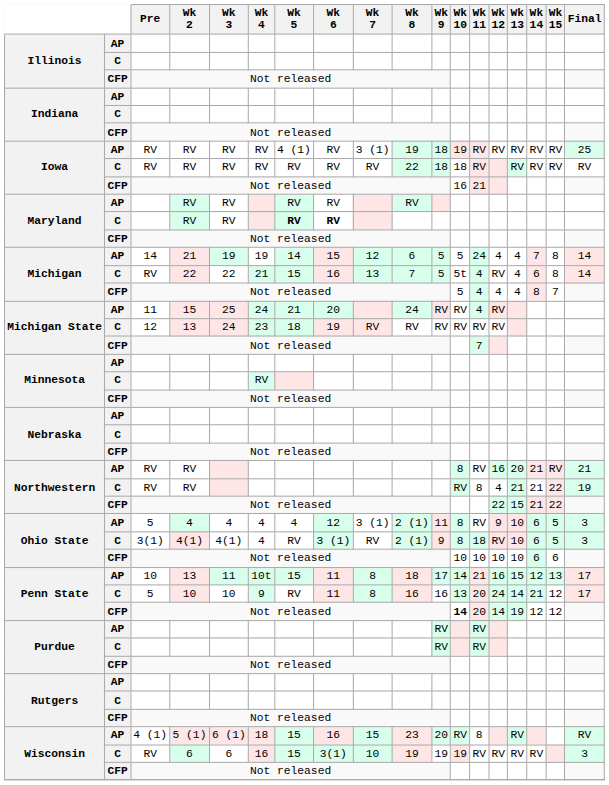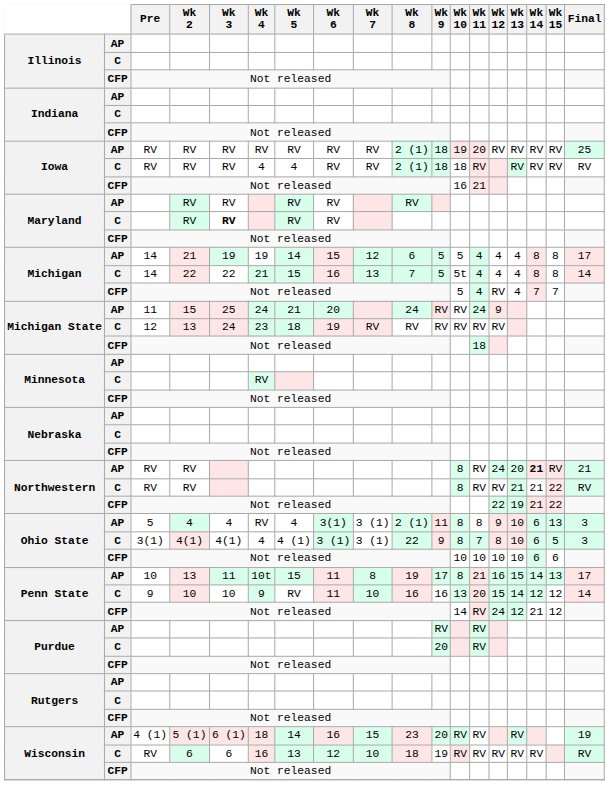 <table class="wikitable" style="white-space:nowrap;font-size:85%;">
 <tr>
 <th colspan=2 style="background:white; border-top-style:hidden; border-left-style:hidden;"> </th>
 <th>Pre</th>
 <th>Wk<br>2</th>
 <th>Wk<br>3</th>
 <th>Wk<br>4</th>
 <th>Wk<br>5</th>
 <th>Wk<br>6</th>
 <th>Wk<br>7</th>
 <th>Wk<br>8</th>
 <th>Wk<br>9</th>
 <th>Wk<br>10</th>
 <th>Wk<br>11</th>
 <th>Wk<br>12</th>
 <th>Wk<br>13</th>
 <th>Wk<br>14</th>
 <th>Wk<br>15</th>
 <th>Final</th>
 </tr>
 <tr style="text-align:center;">
 <th rowspan="3">Illinois</th>
 <th>AP</th>
 <td style="background:#FFF;"></td>
 <td style="background:#FFF;"></td>
 <td style="background:#FFF;"></td>
 <td style="background:#FFF;"></td>
 <td style="background:#FFF;"></td>
 <td style="background:#FFF;"></td>
 <td style="background:#FFF;"></td>
 <td style="background:#FFF;"></td>
 <td style="background:#FFF;"></td>
 <td style="background:#FFF;"></td>
 <td style="background:#FFF;"></td>
 <td style="background:#FFF;"></td>
 <td style="background:#FFF;"></td>
 <td style="background:#FFF;"></td>
 <td style="background:#FFF;"></td>
 <td style="background:#FFF;"></td>
 </tr>
 <tr style="text-align:center;">
 <th>C</th>
 <td style="background:#FFF;"></td>
 <td style="background:#FFF;"></td>
 <td style="background:#FFF;"></td>
 <td style="background:#FFF;"></td>
 <td style="background:#FFF;"></td>
 <td style="background:#FFF;"></td>
 <td style="background:#FFF;"></td>
 <td style="background:#FFF;"></td>
 <td style="background:#FFF;"></td>
 <td style="background:#FFF;"></td>
 <td style="background:#FFF;"></td>
 <td style="background:#FFF;"></td>
 <td style="background:#FFF;"></td>
 <td style="background:#FFF;"></td>
 <td style="background:#FFF;"></td>
 <td style="background:#FFF;"></td>
 </tr>
 <tr style="text-align:center;">
 <th>CFP</th>
 <td colspan="9" style="text-align:center;">Not released</td>
 <td style="background:#FFF;"></td>
 <td style="background:#FFF;"></td>
 <td style="background:#FFF;"></td>
 <td style="background:#FFF;"></td>
 <td style="background:#FFF;"></td>
 <td style="background:#FFF;"></td>
 <td style="text-align:center;"></td>
 </tr>
 <tr style="text-align:center;">
 <th rowspan="3">Indiana</th>
 <th>AP</th>
 <td style="background:#FFF;"></td>
 <td style="background:#FFF;"></td>
 <td style="background:#FFF;"></td>
 <td style="background:#FFF;"></td>
 <td style="background:#FFF;"></td>
 <td style="background:#FFF;"></td>
 <td style="background:#FFF;"></td>
 <td style="background:#FFF;"></td>
 <td style="background:#FFF;"></td>
 <td style="background:#FFF;"></td>
 <td style="background:#FFF;"></td>
 <td style="background:#FFF;"></td>
 <td style="background:#FFF;"></td>
 <td style="background:#FFF;"></td>
 <td style="background:#FFF;"></td>
 <td style="background:#FFF;"></td>
 </tr>
 <tr style="text-align:center;">
 <th>C</th>
 <td style="background:#FFF;"></td>
 <td style="background:#FFF;"></td>
 <td style="background:#FFF;"></td>
 <td style="background:#FFF;"></td>
 <td style="background:#FFF;"></td>
 <td style="background:#FFF;"></td>
 <td style="background:#FFF;"></td>
 <td style="background:#FFF;"></td>
 <td style="background:#FFF;"></td>
 <td style="background:#FFF;"></td>
 <td style="background:#FFF;"></td>
 <td style="background:#FFF;"></td>
 <td style="background:#FFF;"></td>
 <td style="background:#FFF;"></td>
 <td style="background:#FFF;"></td>
 <td style="background:#FFF;"></td>
 </tr>
 <tr style="text-align:center;">
 <th>CFP</th>
 <td colspan="9" style="text-align:center;">Not released</td>
 <td style="background:#FFF;"></td>
 <td style="background:#FFF;"></td>
 <td style="background:#FFF;"></td>
 <td style="background:#FFF;"></td>
 <td style="background:#FFF;"></td>
 <td style="background:#FFF;"></td>
 <td style="text-align:center;"></td>
 </tr>
 <tr style="text-align:center;">
 <th rowspan="3">Iowa</th>
 <th>AP</th>
 <td style="background:#FFF;">RV</td>
 <td style="background:#FFF;">RV</td>
 <td style="background:#FFF;">RV</td>
 <td style="background:#FFF;">RV</td>
-<td style="background:#FFF;">4 (1)</td>
 <td style="background:#FFF;">RV</td>
-<td style="background:#FFF;">3 (1)</td>
-<td style="background:#d8ffeb;">19</td>
+<td style="background:#FFF;">RV</td>
+<td style="background:#FFF;">RV</td>
+<td style="background:#d8ffeb;">2 (1)</td>
 <td style="background:#d8ffeb;">18</td>
 <td style="background:#ffe6e6;">19</td>
-<td style="background:#ffe6e6;">RV</td>
+<td style="background:#ffe6e6;">20</td>
 <td style="background:#FFF;">RV</td>
 <td style="background:#FFF;">RV</td>
 <td style="background:#FFF;">RV</td>
 <td style="background:#FFF;">RV</td>
 <td style="background:#d8ffeb;">25</td>
 </tr>
 <tr style="text-align:center;">
 <th>C</th>
 <td style="background:#FFF;">RV</td>
 <td style="background:#FFF;">RV</td>
 <td style="background:#FFF;">RV</td>
+<td style="background:#FFF;">4</td>
+<td style="background:#FFF;">4</td>
 <td style="background:#FFF;">RV</td>
 <td style="background:#FFF;">RV</td>
-<td style="background:#FFF;">RV</td>
-<td style="background:#FFF;">RV</td>
-<td style="background:#d8ffeb;">22</td>
+<td style="background:#d8ffeb;">2 (1)</td>
 <td style="background:#d8ffeb;">18</td>
 <td style="background:#FFF;">18</td>
 <td style="background:#ffe6e6;">RV</td>
 <td style="background:#ffe6e6;"></td>
 <td style="background:#d8ffeb;">RV</td>
 <td style="background:#FFF;">RV</td>
 <td style="background:#FFF;">RV</td>
 <td style="background:#FFF;">RV</td>
 </tr>
 <tr style="text-align:center;">
 <th>CFP</th>
 <td colspan="9" style="text-align:center;">Not released</td>
 <td style="background:#FFF;">16</td>
 <td style="background:#ffe6e6;">21</td>
 <td style="background:#ffe6e6;"></td>
 <td style="background:#FFF;"></td>
 <td style="background:#FFF;"></td>
 <td style="background:#FFF;"></td>
 <td style="text-align:center;"></td>
 </tr>
 <tr style="text-align:center;">
 <th rowspan="3">Maryland</th>
 <th>AP</th>
 <td style="background:#FFF;"></td>
 <td style="background:#d8ffeb;">RV</td>
 <td style="background:#FFF;">RV</td>
 <td style="background:#ffe6e6;"></td>
 <td style="background:#d8ffeb;">RV</td>
 <td style="background:#FFF;">RV</td>
 <td style="background:#ffe6e6;"></td>
 <td style="background:#d8ffeb;">RV</td>
 <td style="background:#ffe6e6;"></td>
 <td style="background:#FFF;"></td>
 <td style="background:#FFF;"></td>
 <td style="background:#FFF;"></td>
 <td style="background:#FFF;"></td>
 <td style="background:#FFF;"></td>
 <td style="background:#FFF;"></td>
 <td style="background:#FFF;"></td>
 </tr>
 <tr style="text-align:center;">
 <th>C</th>
 <td style="background:#FFF;"></td>
 <td style="background:#d8ffeb;">RV</td>
+<td style="background:#FFF;"><strong>RV</strong></td>
+<td style="background:#ffe6e6;"></td>
+<td style="background:#d8ffeb;">RV</td>
 <td style="background:#FFF;">RV</td>
-<td style="background:#ffe6e6;"></td>
-<td style="background:#d8ffeb;"><strong>RV</strong></td>
-<td style="background:#FFF;"><strong>RV</strong></td>
 <td style="background:#ffe6e6;"></td>
 <td style="background:#FFF;"></td>
 <td style="background:#FFF;"></td>
 <td style="background:#FFF;"></td>
 <td style="background:#FFF;"></td>
 <td style="background:#FFF;"></td>
 <td style="background:#FFF;"></td>
 <td style="background:#FFF;"></td>
 <td style="background:#FFF;"></td>
 <td style="background:#FFF;"></td>
 </tr>
 <tr style="text-align:center;">
 <th>CFP</th>
 <td colspan="9" style="text-align:center;">Not released</td>
 <td style="background:#FFF;"></td>
 <td style="background:#FFF;"></td>
 <td style="background:#FFF;"></td>
 <td style="background:#FFF;"></td>
 <td style="background:#FFF;"></td>
 <td style="background:#FFF;"></td>
 <td style="text-align:center;"></td>
 </tr>
 <tr style="text-align:center;">
 <th rowspan="3">Michigan</th>
 <th>AP</th>
 <td style="background:#FFF;">14</td>
 <td style="background:#ffe6e6;">21</td>
 <td style="background:#d8ffeb;">19</td>
 <td style="background:#FFF;">19</td>
 <td style="background:#d8ffeb;">14</td>
 <td style="background:#ffe6e6;">15</td>
 <td style="background:#d8ffeb;">12</td>
 <td style="background:#d8ffeb;">6</td>
 <td style="background:#d8ffeb;">5</td>
 <td style="background:#FFF;">5</td>
-<td style="background:#d8ffeb;">24</td>
+<td style="background:#d8ffeb;">4</td>
 <td style="background:#FFF;">4</td>
 <td style="background:#FFF;">4</td>
-<td style="background:#ffe6e6;">7</td>
+<td style="background:#ffe6e6;">8</td>
 <td style="background:#FFF;">8</td>
-<td style="background:#ffe6e6;">14</td>
+<td style="background:#ffe6e6;">17</td>
 </tr>
 <tr style="text-align:center;">
 <th>C</th>
-<td style="background:#FFF;">RV</td>
+<td style="background:#FFF;">14</td>
 <td style="background:#ffe6e6;">22</td>
 <td style="background:#FFF;">22</td>
 <td style="background:#d8ffeb;">21</td>
 <td style="background:#d8ffeb;">15</td>
 <td style="background:#ffe6e6;">16</td>
 <td style="background:#d8ffeb;">13</td>
 <td style="background:#d8ffeb;">7</td>
 <td style="background:#d8ffeb;">5</td>
 <td style="background:#FFF;">5t</td>
 <td style="background:#d8ffeb;">4</td>
-<td style="background:#FFF;">RV</td>
 <td style="background:#FFF;">4</td>
-<td style="background:#ffe6e6;">6</td>
+<td style="background:#FFF;">4</td>
+<td style="background:#ffe6e6;">8</td>
 <td style="background:#FFF;">8</td>
 <td style="background:#ffe6e6;">14</td>
 </tr>
 <tr style="text-align:center;">
 <th>CFP</th>
 <td colspan="9" style="text-align:center;">Not released</td>
 <td style="background:#FFF;">5</td>
 <td style="background:#d8ffeb;">4</td>
+<td style="background:#FFF;">RV</td>
 <td style="background:#FFF;">4</td>
-<td style="background:#FFF;">4</td>
-<td style="background:#ffe6e6;">8</td>
+<td style="background:#ffe6e6;">7</td>
 <td style="background:#FFF;">7</td>
 <td style="text-align:center;"></td>
 </tr>
 <tr style="text-align:center;">
 <th rowspan="3">Michigan State</th>
 <th>AP</th>
 <td style="background:#FFF;">11</td>
 <td style="background:#ffe6e6;">15</td>
 <td style="background:#ffe6e6;">25</td>
 <td style="background:#d8ffeb;">24</td>
 <td style="background:#d8ffeb;">21</td>
 <td style="background:#d8ffeb;">20</td>
 <td style="background:#ffe6e6;"></td>
 <td style="background:#d8ffeb;">24</td>
 <td style="background:#ffe6e6;">RV</td>
 <td style="background:#FFF;">RV</td>
-<td style="background:#d8ffeb;">4</td>
-<td style="background:#ffe6e6;">RV</td>
+<td style="background:#d8ffeb;">24</td>
+<td style="background:#ffe6e6;">9</td>
 <td style="background:#ffe6e6;"></td>
 <td style="background:#FFF;"></td>
 <td style="background:#FFF;"></td>
 <td style="background:#FFF;"></td>
 </tr>
 <tr style="text-align:center;">
 <th>C</th>
 <td style="background:#FFF;">12</td>
 <td style="background:#ffe6e6;">13</td>
 <td style="background:#ffe6e6;">24</td>
 <td style="background:#d8ffeb;">23</td>
 <td style="background:#d8ffeb;">18</td>
 <td style="background:#ffe6e6;">19</td>
 <td style="background:#ffe6e6;">RV</td>
 <td style="background:#FFF;">RV</td>
 <td style="background:#FFF;">RV</td>
 <td style="background:#FFF;">RV</td>
 <td style="background:#FFF;">RV</td>
 <td style="background:#FFF;">RV</td>
 <td style="background:#ffe6e6;"></td>
 <td style="background:#FFF;"></td>
 <td style="background:#FFF;"></td>
 <td style="background:#FFF;"></td>
 </tr>
 <tr style="text-align:center;">
 <th>CFP</th>
 <td colspan="9" style="text-align:center;">Not released</td>
 <td style="background:#FFF;"></td>
-<td style="background:#d8ffeb;">7</td>
+<td style="background:#d8ffeb;">18</td>
 <td style="background:#ffe6e6;"></td>
 <td style="background:#FFF;"></td>
 <td style="background:#FFF;"></td>
 <td style="background:#FFF;"></td>
 <td style="text-align:center;"></td>
 </tr>
 <tr style="text-align:center;">
 <th rowspan="3">Minnesota</th>
 <th>AP</th>
 <td style="background:#FFF;"></td>
 <td style="background:#FFF;"></td>
 <td style="background:#FFF;"></td>
 <td style="background:#FFF;"></td>
 <td style="background:#FFF;"></td>
 <td style="background:#FFF;"></td>
 <td style="background:#FFF;"></td>
 <td style="background:#FFF;"></td>
 <td style="background:#FFF;"></td>
 <td style="background:#FFF;"></td>
 <td style="background:#FFF;"></td>
 <td style="background:#FFF;"></td>
 <td style="background:#FFF;"></td>
 <td style="background:#FFF;"></td>
 <td style="background:#FFF;"></td>
 <td style="background:#FFF;"></td>
 </tr>
 <tr style="text-align:center;">
 <th>C</th>
 <td style="background:#FFF;"></td>
 <td style="background:#FFF;"></td>
 <td style="background:#FFF;"></td>
 <td style="background:#d8ffeb;">RV</td>
 <td style="background:#ffe6e6;"></td>
 <td style="background:#FFF;"></td>
 <td style="background:#FFF;"></td>
 <td style="background:#FFF;"></td>
 <td style="background:#FFF;"></td>
 <td style="background:#FFF;"></td>
 <td style="background:#FFF;"></td>
 <td style="background:#FFF;"></td>
 <td style="background:#FFF;"></td>
 <td style="background:#FFF;"></td>
 <td style="background:#FFF;"></td>
 <td style="background:#FFF;"></td>
 </tr>
 <tr style="text-align:center;">
 <th>CFP</th>
 <td colspan="9" style="text-align:center;">Not released</td>
 <td style="background:#FFF;"></td>
 <td style="background:#FFF;"></td>
 <td style="background:#FFF;"></td>
 <td style="background:#FFF;"></td>
 <td style="background:#FFF;"></td>
 <td style="background:#FFF;"></td>
 <td style="text-align:center;"></td>
 </tr>
 <tr style="text-align:center;">
 <th rowspan="3">Nebraska</th>
 <th>AP</th>
 <td style="background:#FFF;"></td>
 <td style="background:#FFF;"></td>
 <td style="background:#FFF;"></td>
 <td style="background:#FFF;"></td>
 <td style="background:#FFF;"></td>
 <td style="background:#FFF;"></td>
 <td style="background:#FFF;"></td>
 <td style="background:#FFF;"></td>
 <td style="background:#FFF;"></td>
 <td style="background:#FFF;"></td>
 <td style="background:#FFF;"></td>
 <td style="background:#FFF;"></td>
 <td style="background:#FFF;"></td>
 <td style="background:#FFF;"></td>
 <td style="background:#FFF;"></td>
 <td style="background:#FFF;"></td>
 </tr>
 <tr style="text-align:center;">
 <th>C</th>
 <td style="background:#FFF;"></td>
 <td style="background:#FFF;"></td>
 <td style="background:#FFF;"></td>
 <td style="background:#FFF;"></td>
 <td style="background:#FFF;"></td>
 <td style="background:#FFF;"></td>
 <td style="background:#FFF;"></td>
 <td style="background:#FFF;"></td>
 <td style="background:#FFF;"></td>
 <td style="background:#FFF;"></td>
 <td style="background:#FFF;"></td>
 <td style="background:#FFF;"></td>
 <td style="background:#FFF;"></td>
 <td style="background:#FFF;"></td>
 <td style="background:#FFF;"></td>
 <td style="background:#FFF;"></td>
 </tr>
 <tr style="text-align:center;">
 <th>CFP</th>
 <td colspan="9" style="text-align:center;">Not released</td>
 <td style="background:#FFF;"></td>
 <td style="background:#FFF;"></td>
 <td style="background:#FFF;"></td>
 <td style="background:#FFF;"></td>
 <td style="background:#FFF;"></td>
 <td style="background:#FFF;"></td>
 <td style="text-align:center;"></td>
 </tr>
 <tr style="text-align:center;">
 <th rowspan="3">Northwestern</th>
 <th>AP</th>
 <td style="background:#FFF;">RV</td>
 <td style="background:#FFF;">RV</td>
 <td style="background:#ffe6e6;"></td>
 <td style="background:#FFF;"></td>
 <td style="background:#FFF;"></td>
 <td style="background:#FFF;"></td>
 <td style="background:#FFF;"></td>
 <td style="background:#FFF;"></td>
 <td style="background:#FFF;"></td>
 <td style="background:#d8ffeb;">8</td>
 <td style="background:#FFF;">RV</td>
-<td style="background:#d8ffeb;">16</td>
+<td style="background:#d8ffeb;">24</td>
 <td style="background:#d8ffeb;">20</td>
-<td style="background:#ffe6e6;">21</td>
+<td style="background:#ffe6e6;"><strong>21</strong></td>
 <td style="background:#ffe6e6;">RV</td>
 <td style="background:#d8ffeb;">21</td>
 </tr>
 <tr style="text-align:center;">
 <th>C</th>
 <td style="background:#FFF;">RV</td>
 <td style="background:#FFF;">RV</td>
 <td style="background:#ffe6e6;"></td>
 <td style="background:#FFF;"></td>
 <td style="background:#FFF;"></td>
 <td style="background:#FFF;"></td>
 <td style="background:#FFF;"></td>
 <td style="background:#FFF;"></td>
 <td style="background:#FFF;"></td>
-<td style="background:#d8ffeb;">RV</td>
-<td style="background:#FFF;">8</td>
-<td style="background:#FFF;">4</td>
+<td style="background:#d8ffeb;">8</td>
+<td style="background:#FFF;">RV</td>
+<td style="background:#FFF;">RV</td>
 <td style="background:#d8ffeb;">21</td>
 <td style="background:#FFF;">21</td>
 <td style="background:#ffe6e6;">22</td>
-<td style="background:#d8ffeb;">19</td>
+<td style="background:#d8ffeb;">RV</td>
 </tr>
 <tr style="text-align:center;">
 <th>CFP</th>
 <td colspan="9" style="text-align:center;">Not released</td>
 <td style="background:#FFF;"></td>
 <td style="background:#FFF;"></td>
 <td style="background:#d8ffeb;">22</td>
-<td style="background:#d8ffeb;">15</td>
+<td style="background:#d8ffeb;">19</td>
 <td style="background:#ffe6e6;">21</td>
 <td style="background:#ffe6e6;">22</td>
 <td style="text-align:center;"></td>
 </tr>
 <tr style="text-align:center;">
 <th rowspan="3">Ohio State</th>
 <th>AP</th>
 <td style="background:#FFF;">5</td>
 <td style="background:#d8ffeb;">4</td>
 <td style="background:#FFF;">4</td>
+<td style="background:#FFF;">RV</td>
 <td style="background:#FFF;">4</td>
-<td style="background:#FFF;">4</td>
-<td style="background:#d8ffeb;">12</td>
+<td style="background:#d8ffeb;">3(1)</td>
 <td style="background:#FFF;">3 (1)</td>
 <td style="background:#d8ffeb;">2 (1)</td>
 <td style="background:#ffe6e6;">11</td>
 <td style="background:#d8ffeb;">8</td>
-<td style="background:#FFF;">RV</td>
+<td style="background:#FFF;">8</td>
 <td style="background:#ffe6e6;">9</td>
 <td style="background:#ffe6e6;">10</td>
 <td style="background:#d8ffeb;">6</td>
-<td style="background:#d8ffeb;">5</td>
+<td style="background:#d8ffeb;">13</td>
 <td style="background:#d8ffeb;">3</td>
 </tr>
 <tr style="text-align:center;">
 <th>C</th>
 <td style="background:#FFF;">3(1)</td>
 <td style="background:#ffe6e6;">4(1)</td>
 <td style="background:#FFF;">4(1)</td>
 <td style="background:#FFF;">4</td>
-<td style="background:#FFF;">RV</td>
+<td style="background:#FFF;">4 (1)</td>
 <td style="background:#d8ffeb;">3 (1)</td>
-<td style="background:#FFF;">RV</td>
-<td style="background:#d8ffeb;">2 (1)</td>
+<td style="background:#FFF;">3 (1)</td>
+<td style="background:#d8ffeb;">22</td>
 <td style="background:#ffe6e6;">9</td>
 <td style="background:#d8ffeb;">8</td>
-<td style="background:#d8ffeb;">18</td>
-<td style="background:#ffe6e6;">RV</td>
+<td style="background:#d8ffeb;">7</td>
+<td style="background:#ffe6e6;">8</td>
 <td style="background:#ffe6e6;">10</td>
 <td style="background:#d8ffeb;">6</td>
 <td style="background:#d8ffeb;">5</td>
 <td style="background:#d8ffeb;">3</td>
 </tr>
 <tr style="text-align:center;">
 <th>CFP</th>
 <td colspan="9" style="text-align:center;">Not released</td>
 <td style="background:#FFF;">10</td>
 <td style="background:#FFF;">10</td>
 <td style="background:#FFF;">10</td>
 <td style="background:#FFF;">10</td>
 <td style="background:#d8ffeb;">6</td>
 <td style="background:#FFF;">6</td>
 <td style="text-align:center;"></td>
 </tr>
 <tr style="text-align:center;">
 <th rowspan="3">Penn State</th>
 <th>AP</th>
 <td style="background:#FFF;">10</td>
 <td style="background:#ffe6e6;">13</td>
 <td style="background:#d8ffeb;">11</td>
 <td style="background:#d8ffeb;">10t</td>
 <td style="background:#d8ffeb;">15</td>
 <td style="background:#ffe6e6;">11</td>
 <td style="background:#d8ffeb;">8</td>
-<td style="background:#ffe6e6;">18</td>
+<td style="background:#ffe6e6;">19</td>
 <td style="background:#d8ffeb;">17</td>
-<td style="background:#d8ffeb;">14</td>
+<td style="background:#d8ffeb;">8</td>
 <td style="background:#ffe6e6;">21</td>
 <td style="background:#d8ffeb;">16</td>
 <td style="background:#d8ffeb;">15</td>
-<td style="background:#d8ffeb;">12</td>
+<td style="background:#d8ffeb;">14</td>
 <td style="background:#d8ffeb;">13</td>
 <td style="background:#ffe6e6;">17</td>
 </tr>
 <tr style="text-align:center;">
 <th>C</th>
-<td style="background:#FFF;">5</td>
+<td style="background:#FFF;">9</td>
 <td style="background:#ffe6e6;">10</td>
 <td style="background:#FFF;">10</td>
 <td style="background:#d8ffeb;">9</td>
 <td style="background:#FFF;">RV</td>
 <td style="background:#ffe6e6;">11</td>
-<td style="background:#d8ffeb;">8</td>
+<td style="background:#d8ffeb;">10</td>
 <td style="background:#ffe6e6;">16</td>
 <td style="background:#FFF;">16</td>
 <td style="background:#d8ffeb;">13</td>
 <td style="background:#ffe6e6;">20</td>
-<td style="background:#d8ffeb;">24</td>
+<td style="background:#d8ffeb;">15</td>
 <td style="background:#d8ffeb;">14</td>
-<td style="background:#d8ffeb;">21</td>
+<td style="background:#d8ffeb;">12</td>
 <td style="background:#FFF;">12</td>
-<td style="background:#ffe6e6;">17</td>
+<td style="background:#ffe6e6;">14</td>
 </tr>
 <tr style="text-align:center;">
 <th>CFP</th>
 <td colspan="9" style="text-align:center;">Not released</td>
-<td style="background:#FFF;"><strong>14</strong></td>
-<td style="background:#ffe6e6;">20</td>
-<td style="background:#d8ffeb;">14</td>
-<td style="background:#d8ffeb;">19</td>
-<td style="background:#FFF;">12</td>
+<td style="background:#FFF;">14</td>
+<td style="background:#ffe6e6;">RV</td>
+<td style="background:#d8ffeb;">24</td>
+<td style="background:#d8ffeb;">12</td>
+<td style="background:#FFF;">21</td>
 <td style="background:#FFF;">12</td>
 <td style="text-align:center;"></td>
 </tr>
 <tr style="text-align:center;">
 <th rowspan="3">Purdue</th>
 <th>AP</th>
 <td style="background:#FFF;"></td>
 <td style="background:#FFF;"></td>
 <td style="background:#FFF;"></td>
 <td style="background:#FFF;"></td>
 <td style="background:#FFF;"></td>
 <td style="background:#FFF;"></td>
 <td style="background:#FFF;"></td>
 <td style="background:#FFF;"></td>
 <td style="background:#d8ffeb;">RV</td>
 <td style="background:#ffe6e6;"></td>
 <td style="background:#d8ffeb;">RV</td>
 <td style="background:#ffe6e6;"></td>
 <td style="background:#FFF;"></td>
 <td style="background:#FFF;"></td>
 <td style="background:#FFF;"></td>
 <td style="background:#FFF;"></td>
 </tr>
 <tr style="text-align:center;">
 <th>C</th>
 <td style="background:#FFF;"></td>
 <td style="background:#FFF;"></td>
 <td style="background:#FFF;"></td>
 <td style="background:#FFF;"></td>
 <td style="background:#FFF;"></td>
 <td style="background:#FFF;"></td>
 <td style="background:#FFF;"></td>
 <td style="background:#FFF;"></td>
-<td style="background:#d8ffeb;">RV</td>
+<td style="background:#d8ffeb;">20</td>
 <td style="background:#ffe6e6;"></td>
 <td style="background:#d8ffeb;">RV</td>
 <td style="background:#ffe6e6;"></td>
 <td style="background:#FFF;"></td>
 <td style="background:#FFF;"></td>
 <td style="background:#FFF;"></td>
 <td style="background:#FFF;"></td>
 </tr>
 <tr style="text-align:center;">
 <th>CFP</th>
 <td colspan="9" style="text-align:center;">Not released</td>
 <td style="background:#FFF;"></td>
 <td style="background:#FFF;"></td>
 <td style="background:#FFF;"></td>
 <td style="background:#FFF;"></td>
 <td style="background:#FFF;"></td>
 <td style="background:#FFF;"></td>
 <td style="text-align:center;"></td>
 </tr>
 <tr style="text-align:center;">
 <th rowspan="3"><strong>Rutgers</strong></th>
 <th>AP</th>
 <td style="background:#FFF;"></td>
 <td style="background:#FFF;"></td>
 <td style="background:#FFF;"></td>
 <td style="background:#FFF;"></td>
 <td style="background:#FFF;"></td>
 <td style="background:#FFF;"></td>
 <td style="background:#FFF;"></td>
 <td style="background:#FFF;"></td>
 <td style="background:#FFF;"></td>
 <td style="background:#FFF;"></td>
 <td style="background:#FFF;"></td>
 <td style="background:#FFF;"></td>
 <td style="background:#FFF;"></td>
 <td style="background:#FFF;"></td>
 <td style="background:#FFF;"></td>
 <td style="background:#FFF;"></td>
 </tr>
 <tr style="text-align:center;">
 <th>C</th>
 <td style="background:#FFF;"></td>
 <td style="background:#FFF;"></td>
 <td style="background:#FFF;"></td>
 <td style="background:#FFF;"></td>
 <td style="background:#FFF;"></td>
 <td style="background:#FFF;"></td>
 <td style="background:#FFF;"></td>
 <td style="background:#FFF;"></td>
 <td style="background:#FFF;"></td>
 <td style="background:#FFF;"></td>
 <td style="background:#FFF;"></td>
 <td style="background:#FFF;"></td>
 <td style="background:#FFF;"></td>
 <td style="background:#FFF;"></td>
 <td style="background:#FFF;"></td>
 <td style="background:#FFF;"></td>
 </tr>
 <tr style="text-align:center;">
 <th>CFP</th>
 <td colspan="9" style="text-align:center;">Not released</td>
 <td style="background:#FFF;"></td>
 <td style="background:#FFF;"></td>
 <td style="background:#FFF;"></td>
 <td style="background:#FFF;"></td>
 <td style="background:#FFF;"></td>
 <td style="background:#FFF;"></td>
 <td style="text-align:center;"></td>
 </tr>
 <tr style="text-align:center;">
 <th rowspan="3">Wisconsin</th>
 <th>AP</th>
 <td style="background:#FFF;">4 (1)</td>
 <td style="background:#ffe6e6;">5 (1)</td>
 <td style="background:#ffe6e6;">6 (1)</td>
 <td style="background:#ffe6e6;">18</td>
-<td style="background:#d8ffeb;">15</td>
+<td style="background:#d8ffeb;">14</td>
 <td style="background:#ffe6e6;">16</td>
 <td style="background:#d8ffeb;">15</td>
 <td style="background:#ffe6e6;">23</td>
 <td style="background:#d8ffeb;">20</td>
 <td style="background:#d8ffeb;">RV</td>
-<td style="background:#FFF;">8</td>
+<td style="background:#FFF;">RV</td>
 <td style="background:#ffe6e6;"></td>
 <td style="background:#d8ffeb;">RV</td>
 <td style="background:#ffe6e6;"></td>
 <td style="background:#FFF;"></td>
-<td style="background:#d8ffeb;">RV</td>
+<td style="background:#d8ffeb;">19</td>
 </tr>
 <tr style="text-align:center;">
 <th>C</th>
 <td style="background:#FFF;">RV</td>
 <td style="background:#d8ffeb;">6</td>
 <td style="background:#FFF;">6</td>
 <td style="background:#ffe6e6;">16</td>
-<td style="background:#d8ffeb;">15</td>
-<td style="background:#d8ffeb;">3(1)</td>
+<td style="background:#d8ffeb;">13</td>
+<td style="background:#d8ffeb;">12</td>
 <td style="background:#d8ffeb;">10</td>
-<td style="background:#ffe6e6;">19</td>
+<td style="background:#ffe6e6;">18</td>
 <td style="background:#FFF;">19</td>
-<td style="background:#ffe6e6;">19</td>
+<td style="background:#ffe6e6;">RV</td>
 <td style="background:#FFF;">RV</td>
 <td style="background:#FFF;">RV</td>
 <td style="background:#FFF;">RV</td>
 <td style="background:#FFF;">RV</td>
 <td style="background:#ffe6e6;"></td>
-<td style="background:#d8ffeb;">3</td>
+<td style="background:#d8ffeb;">RV</td>
 </tr>
 <tr style="text-align:center;">
 <th>CFP</th>
 <td colspan="9" style="text-align:center;">Not released</td>
 <td style="background:#FFF;"></td>
 <td style="background:#FFF;"></td>
 <td style="background:#FFF;"></td>
 <td style="background:#FFF;"></td>
 <td style="background:#FFF;"></td>
 <td style="background:#FFF;"></td>
 <td style="text-align:center;"></td>
 </tr>
 <tr style="text-align:center;">
 </tr>
 </table>
